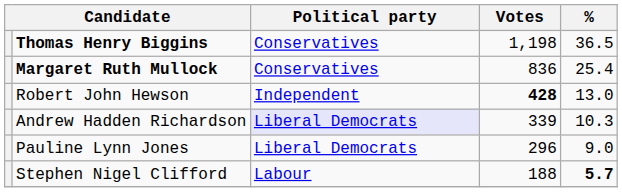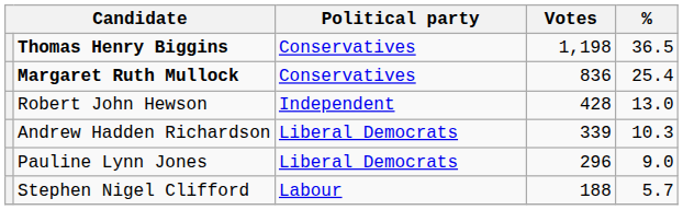 <table class="wikitable">
 <tr>
 <th valign=top colspan="2" style="width: 180px">Candidate</th>
 <th valign=top style="width: 180px">Political party</th>
 <th valign=top style="width: 60px">Votes</th>
 <th valign=top style="width: 40px">%</th>
 </tr>
 <tr>
 <th style="background-color: "></th>
 <td><strong>Thomas Henry Biggins</strong></td>
 <td><a href='#'>Conservatives</a></td>
 <td align="right">1,198</td>
 <td align="right">36.5</td>
 </tr>
 <tr>
 <th style="background-color: "></th>
 <td><strong>Margaret Ruth Mullock</strong></td>
 <td><a href='#'>Conservatives</a></td>
 <td align="right">836</td>
 <td align="right">25.4</td>
 </tr>
 <tr>
 <th style="background-color: "></th>
 <td>Robert John Hewson</td>
 <td><a href='#'>Independent</a></td>
-<td align="right"><strong>428</strong></td>
+<td align="right">428</td>
 <td align="right">13.0</td>
 </tr>
 <tr>
 <th style="background-color: "></th>
 <td>Andrew Hadden Richardson</td>
-<td style="background: lavender;"><a href='#'>Liberal Democrats</a></td>
+<td><a href='#'>Liberal Democrats</a></td>
 <td align="right">339</td>
 <td align="right">10.3</td>
 </tr>
 <tr>
 <th style="background-color: "></th>
 <td>Pauline Lynn Jones</td>
 <td><a href='#'>Liberal Democrats</a></td>
 <td align="right">296</td>
 <td align="right">9.0</td>
 </tr>
 <tr>
 <th style="background-color: "></th>
 <td>Stephen Nigel Clifford</td>
 <td><a href='#'>Labour</a></td>
 <td align="right">188</td>
-<td align="right"><strong>5.7</strong></td>
+<td align="right">5.7</td>
 </tr>
 <tr>
 </tr>
 </table>
